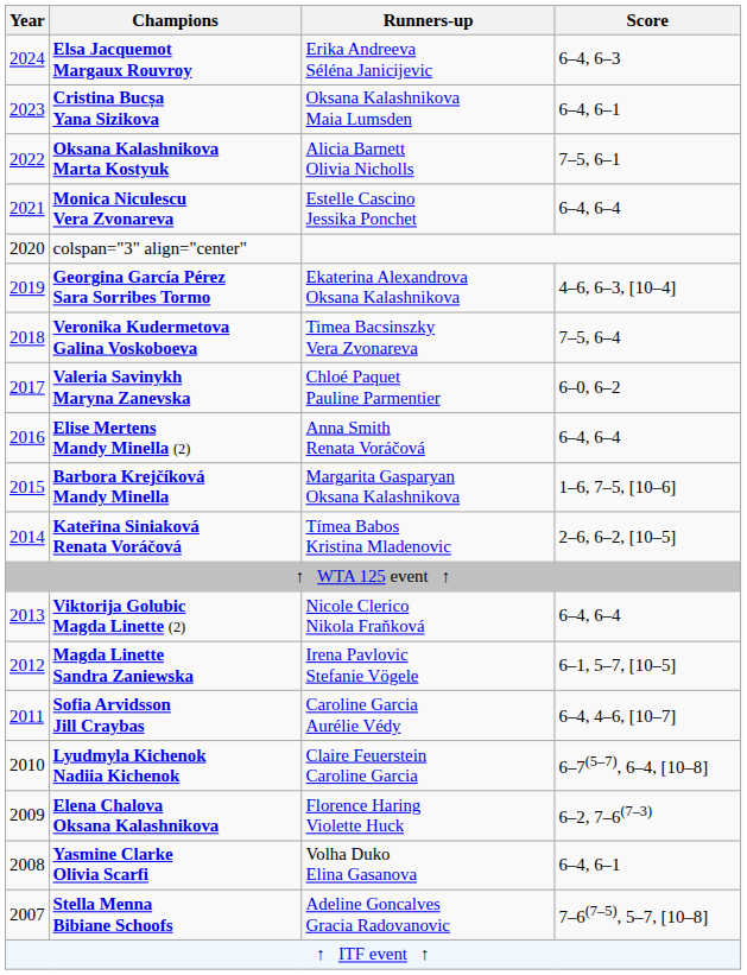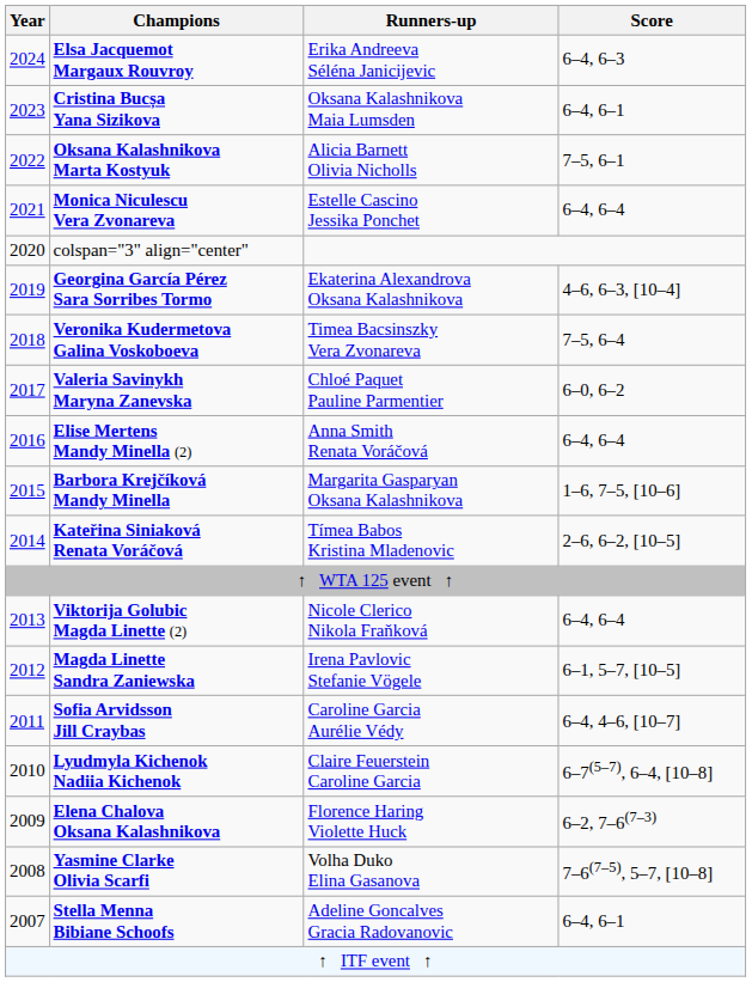 <table class="wikitable" style="font-size:90%">
 <tr>
 <th>Year</th>
 <th width="200">Champions</th>
 <th width="200">Runners-up</th>
 <th width="145">Score</th>
 </tr>
 <tr>
 <td><a href='#'>2024</a></td>
 <td> <strong><a href='#'>Elsa Jacquemot</a></strong> <br>  <strong><a href='#'>Margaux Rouvroy</a></strong></td>
 <td> <a href='#'>Erika Andreeva</a> <br>  <a href='#'>Séléna Janicijevic</a></td>
 <td>6–4, 6–3</td>
 </tr>
 <tr>
 <td><a href='#'>2023</a></td>
 <td> <strong><a href='#'>Cristina Bucșa</a></strong> <br>  <strong><a href='#'>Yana Sizikova</a></strong></td>
 <td> <a href='#'>Oksana Kalashnikova</a> <br>  <a href='#'>Maia Lumsden</a></td>
 <td>6–4, 6–1</td>
 </tr>
 <tr>
 <td><a href='#'>2022</a></td>
 <td> <strong><a href='#'>Oksana Kalashnikova</a></strong> <br>  <strong><a href='#'>Marta Kostyuk</a></strong></td>
 <td> <a href='#'>Alicia Barnett</a> <br>  <a href='#'>Olivia Nicholls</a></td>
 <td>7–5, 6–1</td>
 </tr>
 <tr>
 <td><a href='#'>2021</a></td>
 <td> <strong><a href='#'>Monica Niculescu</a></strong> <br>  <strong><a href='#'>Vera Zvonareva</a></strong></td>
 <td> <a href='#'>Estelle Cascino</a> <br>  <a href='#'>Jessika Ponchet</a></td>
 <td>6–4, 6–4</td>
 </tr>
 <tr>
 <td>2020</td>
 <td>colspan="3" align="center" </td>
 </tr>
 <tr>
 <td><a href='#'>2019</a></td>
 <td><strong> <a href='#'>Georgina García Pérez</a> <br>  <a href='#'>Sara Sorribes Tormo</a></strong></td>
 <td> <a href='#'>Ekaterina Alexandrova</a> <br>  <a href='#'>Oksana Kalashnikova</a></td>
 <td>4–6, 6–3, [10–4]</td>
 </tr>
 <tr>
 <td><a href='#'>2018</a></td>
 <td><strong> <a href='#'>Veronika Kudermetova</a> <br>  <a href='#'>Galina Voskoboeva</a></strong></td>
 <td> <a href='#'>Timea Bacsinszky</a> <br>  <a href='#'>Vera Zvonareva</a></td>
 <td>7–5, 6–4</td>
 </tr>
 <tr>
 <td><a href='#'>2017</a></td>
 <td><strong> <a href='#'>Valeria Savinykh</a> <br>  <a href='#'>Maryna Zanevska</a></strong></td>
 <td> <a href='#'>Chloé Paquet</a> <br>  <a href='#'>Pauline Parmentier</a></td>
 <td>6–0, 6–2</td>
 </tr>
 <tr>
 <td><a href='#'>2016</a></td>
 <td><strong> <a href='#'>Elise Mertens</a> <br>  <a href='#'>Mandy Minella</a></strong> <small>(2)</small></td>
 <td> <a href='#'>Anna Smith</a> <br>  <a href='#'>Renata Voráčová</a></td>
 <td>6–4, 6–4</td>
 </tr>
 <tr>
 <td><a href='#'>2015</a></td>
 <td><strong> <a href='#'>Barbora Krejčíková</a> <br>  <a href='#'>Mandy Minella</a></strong></td>
 <td> <a href='#'>Margarita Gasparyan</a> <br>  <a href='#'>Oksana Kalashnikova</a></td>
 <td>1–6, 7–5, [10–6]</td>
 </tr>
 <tr>
 <td><a href='#'>2014</a></td>
 <td> <strong><a href='#'>Kateřina Siniaková</a></strong> <br>  <strong><a href='#'>Renata Voráčová</a></strong></td>
 <td> <a href='#'>Tímea Babos</a> <br>  <a href='#'>Kristina Mladenovic</a></td>
 <td>2–6, 6–2, [10–5]</td>
 </tr>
 <tr style="background:silver;">
 <td colspan="5" align="center">↑   <a href='#'>WTA 125</a> event   ↑</td>
 </tr>
 <tr>
 <td><a href='#'>2013</a></td>
 <td> <strong><a href='#'>Viktorija Golubic</a></strong> <br>  <strong><a href='#'>Magda Linette</a></strong> <small>(2)</small></td>
 <td> <a href='#'>Nicole Clerico</a> <br>  <a href='#'>Nikola Fraňková</a></td>
 <td>6–4, 6–4</td>
 </tr>
 <tr>
 <td><a href='#'>2012</a></td>
 <td> <strong><a href='#'>Magda Linette</a></strong> <br>  <strong><a href='#'>Sandra Zaniewska</a></strong></td>
 <td> <a href='#'>Irena Pavlovic</a> <br>  <a href='#'>Stefanie Vögele</a></td>
 <td>6–1, 5–7, [10–5]</td>
 </tr>
 <tr>
 <td><a href='#'>2011</a></td>
 <td> <strong><a href='#'>Sofia Arvidsson</a></strong> <br>  <strong><a href='#'>Jill Craybas</a></strong></td>
 <td> <a href='#'>Caroline Garcia</a> <br>  <a href='#'>Aurélie Védy</a></td>
 <td>6–4, 4–6, [10–7]</td>
 </tr>
 <tr>
 <td>2010</td>
 <td> <strong><a href='#'>Lyudmyla Kichenok</a></strong> <br>  <strong><a href='#'>Nadiia Kichenok</a></strong></td>
 <td> <a href='#'>Claire Feuerstein</a> <br>  <a href='#'>Caroline Garcia</a></td>
 <td>6–7<sup>(5–7)</sup>, 6–4, [10–8]</td>
 </tr>
 <tr>
 <td>2009</td>
 <td> <strong><a href='#'>Elena Chalova</a></strong> <br>  <strong><a href='#'>Oksana Kalashnikova</a></strong></td>
 <td> <a href='#'>Florence Haring</a> <br>  <a href='#'>Violette Huck</a></td>
 <td>6–2, 7–6<sup>(7–3)</sup></td>
 </tr>
 <tr>
 <td>2008</td>
 <td> <strong><a href='#'>Yasmine Clarke</a></strong> <br>  <strong><a href='#'>Olivia Scarfi</a></strong></td>
 <td> Volha Duko <br>  <a href='#'>Elina Gasanova</a></td>
-<td>6–4, 6–1</td>
+<td>7–6<sup>(7–5)</sup>, 5–7, [10–8]</td>
 </tr>
 <tr>
 <td>2007</td>
 <td> <strong><a href='#'>Stella Menna</a></strong> <br>  <strong><a href='#'>Bibiane Schoofs</a></strong></td>
 <td> <a href='#'>Adeline Goncalves</a> <br>  <a href='#'>Gracia Radovanovic</a></td>
-<td>7–6<sup>(7–5)</sup>, 5–7, [10–8]</td>
+<td>6–4, 6–1</td>
 </tr>
 <tr style="background:#f0f8ff;">
 <td colspan="5" align="center">↑   <a href='#'>ITF event</a>   ↑</td>
 </tr>
 </table>
